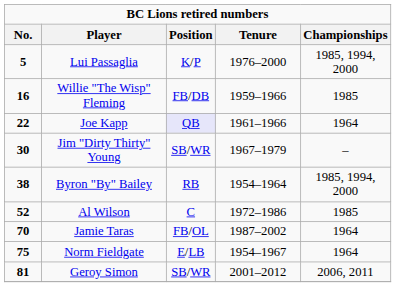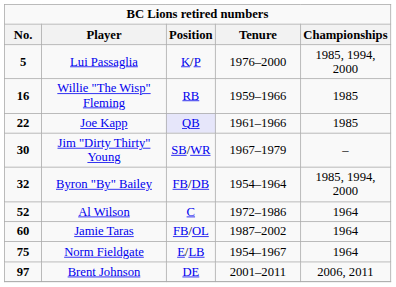 <table class="wikitable sortable" style="text-align:center">
 <tr>
 <td colspan="5"><strong>BC Lions retired numbers</strong></td>
 </tr>
 <tr>
 <th width="40">No.</th>
 <th width="150">Player</th>
 <th width="40">Position</th>
 <th width="100">Tenure</th>
 <th width="100">Championships</th>
 </tr>
 <tr>
 <td><strong>5</strong></td>
 <td><a href='#'>Lui Passaglia</a></td>
 <td><a href='#'>K</a>/<a href='#'>P</a></td>
 <td>1976–2000</td>
 <td>1985, 1994, 2000</td>
 </tr>
 <tr>
 <td><strong>16</strong></td>
 <td><a href='#'>Willie "The Wisp" Fleming</a></td>
-<td><a href='#'>FB</a>/<a href='#'>DB</a></td>
+<td><a href='#'>RB</a></td>
 <td>1959–1966</td>
 <td>1985</td>
 </tr>
 <tr>
 <td><strong>22</strong></td>
 <td><a href='#'>Joe Kapp</a></td>
 <td style="background: lavender;"><a href='#'>QB</a></td>
 <td>1961–1966</td>
-<td>1964</td>
+<td>1985</td>
 </tr>
 <tr>
 <td><strong>30</strong></td>
 <td><a href='#'>Jim "Dirty Thirty" Young</a></td>
 <td><a href='#'>SB</a>/<a href='#'>WR</a></td>
 <td>1967–1979</td>
 <td>–</td>
 </tr>
 <tr>
-<td><strong>38</strong></td>
+<td><strong>32</strong></td>
 <td><a href='#'>Byron "By" Bailey</a></td>
-<td><a href='#'>RB</a></td>
+<td><a href='#'>FB</a>/<a href='#'>DB</a></td>
 <td>1954–1964</td>
 <td>1985, 1994, 2000</td>
 </tr>
 <tr>
 <td><strong>52</strong></td>
 <td><a href='#'>Al Wilson</a></td>
 <td><a href='#'>C</a></td>
 <td>1972–1986</td>
-<td>1985</td>
+<td>1964</td>
 </tr>
 <tr>
-<td><strong>70</strong></td>
+<td><strong>60</strong></td>
 <td><a href='#'>Jamie Taras</a></td>
 <td><a href='#'>FB</a>/<a href='#'>OL</a></td>
 <td>1987–2002</td>
 <td>1964</td>
 </tr>
 <tr>
 <td><strong>75</strong></td>
 <td><a href='#'>Norm Fieldgate</a></td>
 <td><a href='#'>E</a>/<a href='#'>LB</a></td>
 <td>1954–1967</td>
 <td>1964</td>
 </tr>
 <tr>
-<td><strong>81</strong></td>
-<td><a href='#'>Geroy Simon</a></td>
-<td><a href='#'>SB</a>/<a href='#'>WR</a></td>
-<td>2001–2012</td>
+<td><strong>97</strong></td>
+<td><a href='#'>Brent Johnson</a></td>
+<td><a href='#'>DE</a></td>
+<td>2001–2011</td>
 <td>2006, 2011</td>
 </tr>
 <tr>
 </tr>
 </table>
